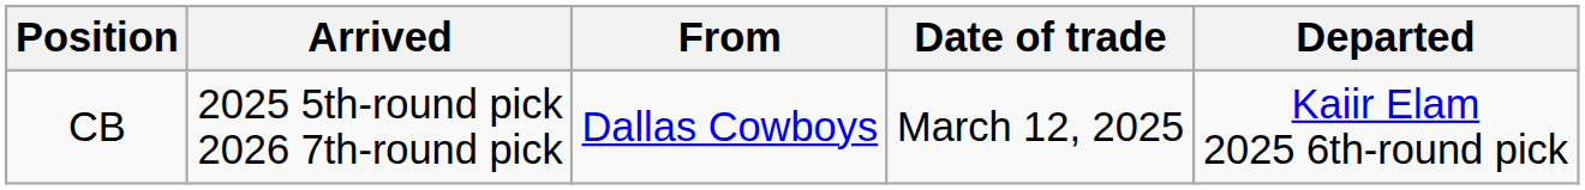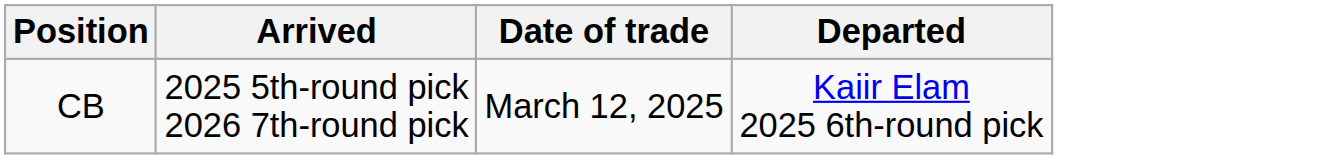 <table class="wikitable sortable" style="text-align: center">
 <tr>
 <th>Position</th>
 <th>Arrived</th>
-<th>From</th>
 <th>Date of trade</th>
 <th>Departed</th>
 </tr>
 <tr>
 <td>CB</td>
 <td>2025 5th-round pick <br> 2026 7th-round pick</td>
-<td><a href='#'>Dallas Cowboys</a></td>
 <td>March 12, 2025</td>
 <td><a href='#'>Kaiir Elam</a> <br> 2025 6th-round pick</td>
 </tr>
 </table>
